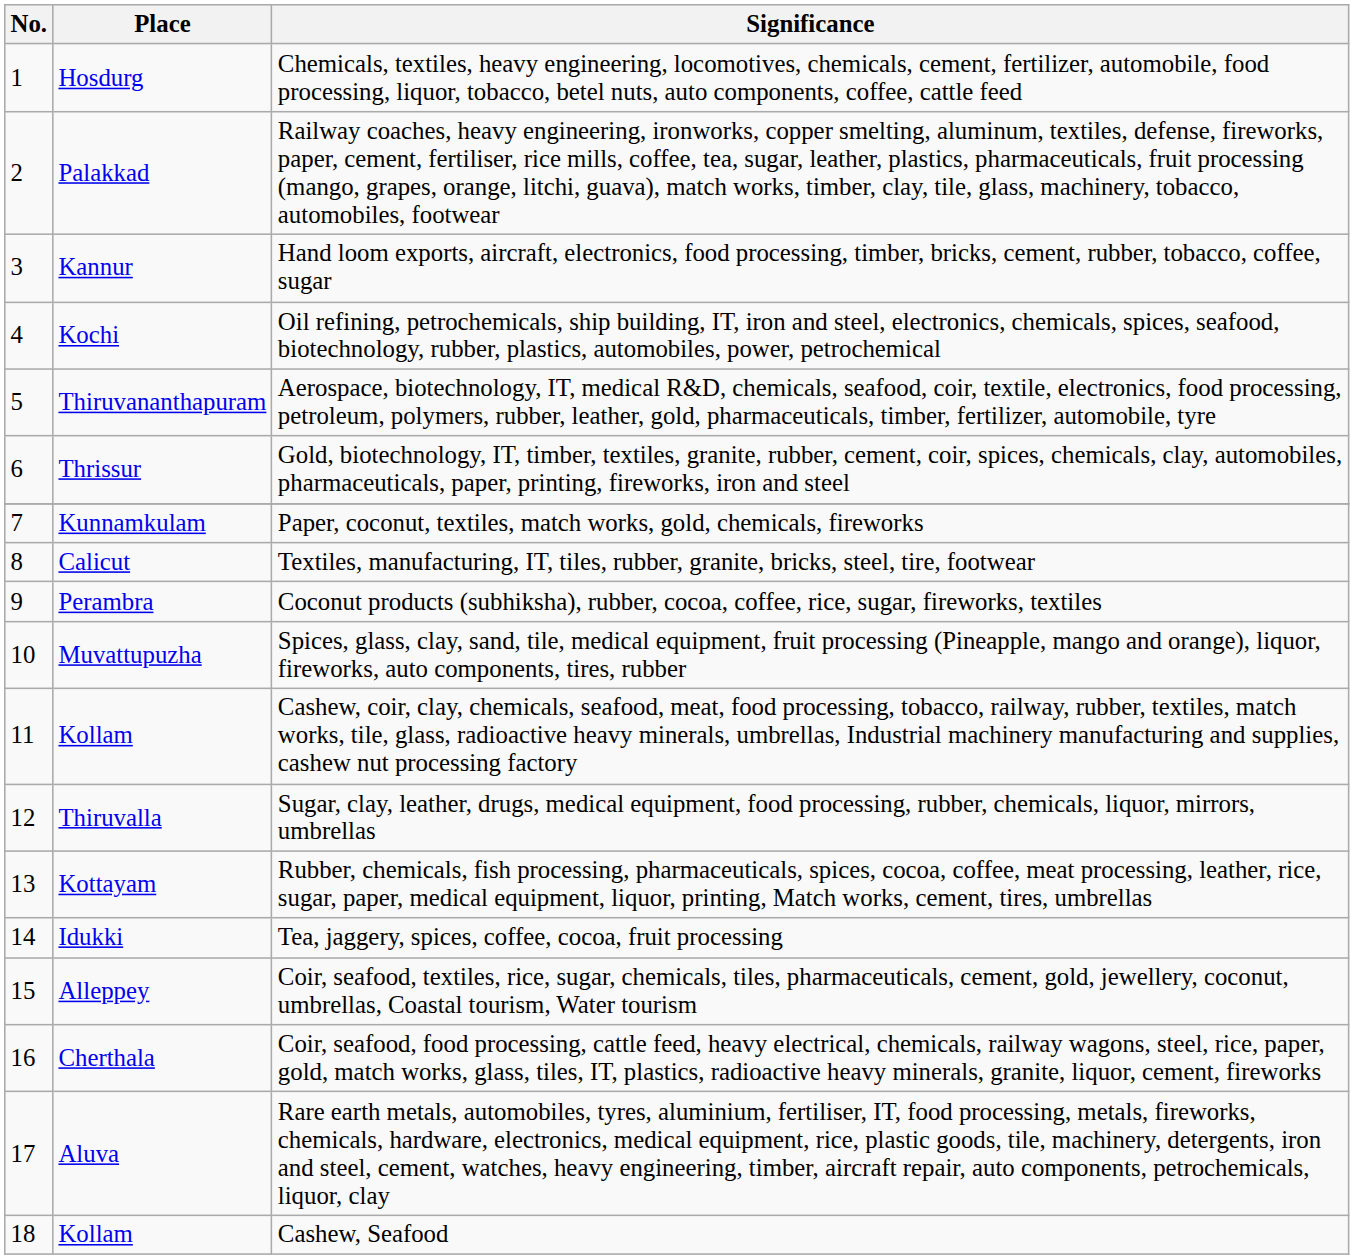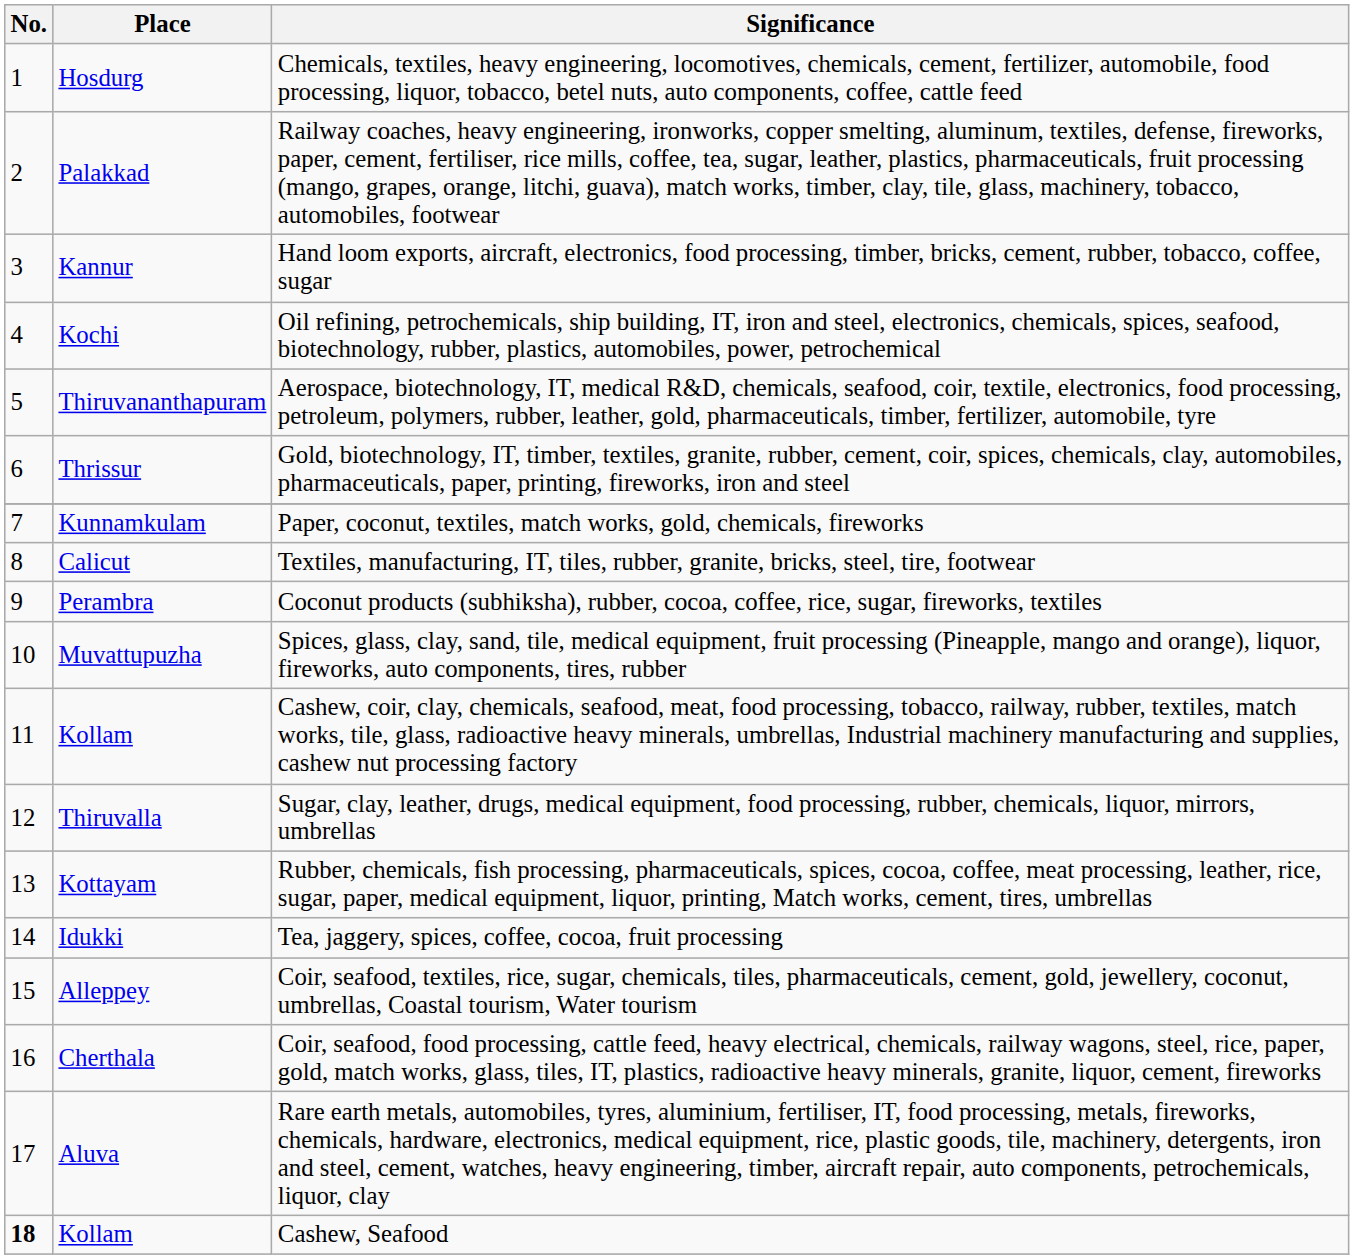 <table class="wikitable sortable">
 <tr>
 <th>No.</th>
 <th>Place</th>
 <th>Significance</th>
 </tr>
 <tr>
 <td>1</td>
 <td><a href='#'>Hosdurg</a></td>
 <td>Chemicals, textiles, heavy engineering, locomotives, chemicals, cement, fertilizer, automobile, food processing, liquor, tobacco, betel nuts, auto components, coffee, cattle feed</td>
 </tr>
 <tr>
 <td>2</td>
 <td><a href='#'>Palakkad</a></td>
 <td>Railway coaches, heavy engineering, ironworks, copper smelting, aluminum, textiles, defense, fireworks, paper, cement, fertiliser, rice mills, coffee, tea, sugar, leather, plastics, pharmaceuticals, fruit processing (mango, grapes, orange, litchi, guava), match works, timber, clay, tile, glass, machinery, tobacco, automobiles, footwear</td>
 </tr>
 <tr>
 <td>3</td>
 <td><a href='#'>Kannur</a></td>
 <td>Hand loom exports, aircraft, electronics, food processing, timber, bricks, cement, rubber, tobacco, coffee, sugar</td>
 </tr>
 <tr>
 <td>4</td>
 <td><a href='#'>Kochi</a></td>
 <td>Oil refining, petrochemicals, ship building, IT, iron and steel, electronics, chemicals, spices, seafood, biotechnology, rubber, plastics, automobiles, power, petrochemical</td>
 </tr>
 <tr>
 <td>5</td>
 <td><a href='#'>Thiruvananthapuram</a></td>
 <td>Aerospace, biotechnology, IT, medical R&D, chemicals, seafood, coir, textile, electronics, food processing, petroleum, polymers, rubber, leather, gold, pharmaceuticals, timber, fertilizer, automobile, tyre</td>
 </tr>
 <tr>
 <td>6</td>
 <td><a href='#'>Thrissur</a></td>
 <td>Gold, biotechnology, IT, timber, textiles, granite, rubber, cement, coir, spices, chemicals, clay, automobiles, pharmaceuticals, paper, printing, fireworks, iron and steel</td>
 </tr>
 <tr>
 </tr>
 <tr>
 <td>7</td>
 <td><a href='#'>Kunnamkulam</a></td>
 <td>Paper, coconut, textiles, match works, gold, chemicals, fireworks</td>
 </tr>
 <tr>
 <td>8</td>
 <td><a href='#'>Calicut</a></td>
 <td>Textiles, manufacturing, IT, tiles, rubber, granite, bricks, steel, tire, footwear</td>
 </tr>
 <tr>
 <td>9</td>
 <td><a href='#'>Perambra</a></td>
 <td>Coconut products (subhiksha), rubber, cocoa, coffee, rice, sugar, fireworks, textiles</td>
 </tr>
 <tr>
 <td>10</td>
 <td><a href='#'>Muvattupuzha</a></td>
 <td>Spices, glass, clay, sand, tile, medical equipment, fruit processing (Pineapple, mango and orange), liquor, fireworks, auto components, tires, rubber</td>
 </tr>
 <tr>
 <td>11</td>
 <td><a href='#'>Kollam</a></td>
 <td>Cashew, coir, clay, chemicals, seafood, meat, food processing, tobacco, railway, rubber, textiles, match works, tile, glass, radioactive heavy minerals, umbrellas, Industrial machinery manufacturing and supplies, cashew nut processing factory</td>
 </tr>
 <tr>
 <td>12</td>
 <td><a href='#'>Thiruvalla</a></td>
 <td>Sugar, clay, leather, drugs, medical equipment, food processing, rubber, chemicals, liquor, mirrors, umbrellas</td>
 </tr>
 <tr>
 <td>13</td>
 <td><a href='#'>Kottayam</a></td>
 <td>Rubber, chemicals, fish processing, pharmaceuticals, spices, cocoa, coffee, meat processing, leather, rice, sugar, paper, medical equipment, liquor, printing, Match works, cement, tires, umbrellas</td>
 </tr>
 <tr>
 <td>14</td>
 <td><a href='#'>Idukki</a></td>
 <td>Tea, jaggery, spices, coffee, cocoa, fruit processing</td>
 </tr>
 <tr>
 <td>15</td>
 <td><a href='#'>Alleppey</a></td>
 <td>Coir, seafood, textiles, rice, sugar, chemicals, tiles, pharmaceuticals, cement, gold, jewellery, coconut, umbrellas, Coastal tourism, Water tourism</td>
 </tr>
 <tr>
 <td>16</td>
 <td><a href='#'>Cherthala</a></td>
 <td>Coir, seafood, food processing, cattle feed, heavy electrical, chemicals, railway wagons, steel, rice, paper, gold, match works, glass, tiles, IT, plastics, radioactive heavy minerals, granite, liquor, cement, fireworks</td>
 </tr>
 <tr>
 <td>17</td>
 <td><a href='#'>Aluva</a></td>
 <td>Rare earth metals, automobiles, tyres, aluminium, fertiliser, IT, food processing, metals, fireworks, chemicals, hardware, electronics, medical equipment, rice, plastic goods, tile, machinery, detergents, iron and steel, cement, watches, heavy engineering, timber, aircraft repair, auto components, petrochemicals, liquor, clay</td>
 </tr>
 <tr>
-<td>18</td>
+<td><strong>18</strong></td>
 <td><a href='#'>Kollam</a></td>
 <td>Cashew, Seafood</td>
 </tr>
 </table>
